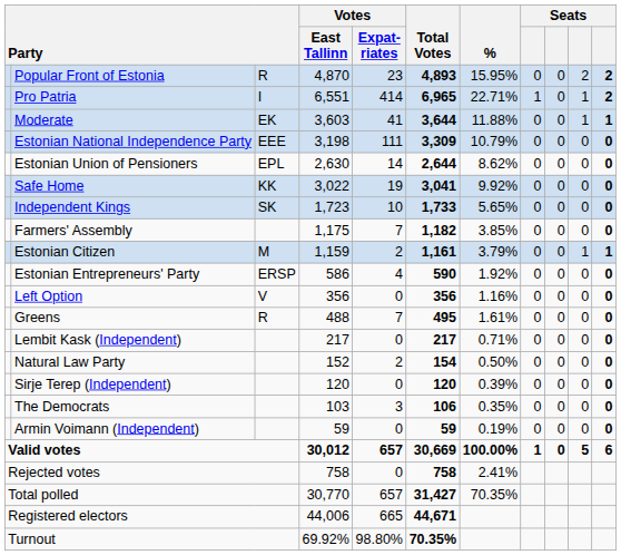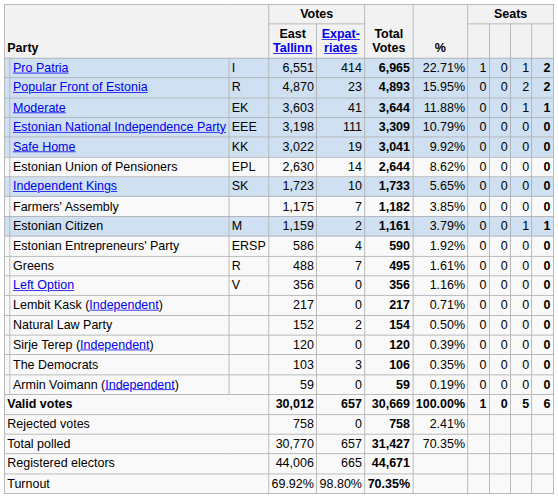 <table class="wikitable" border="1" style="text-align:right;">
 <tr>
 <th style="text-align:left;" valign=bottom rowspan=2 colspan=3>Party</th>
 <th colspan=2>Votes</th>
 <th align=center valign=bottom rowspan=2 width="50">Total Votes</th>
 <th align=center valign=bottom rowspan=2 width="50">%</th>
 <th colspan=4>Seats</th>
 </tr>
 <tr>
 <th align=center valign=bottom width="50">East <a href='#'>Tallinn</a></th>
 <th align=center valign=bottom width="50"><a href='#'>Expat- riates</a></th>
 <th align=center valign=bottom width="20"><small></small></th>
 <th align=center valign=bottom width="20"><small></small></th>
 <th align=center valign=bottom width="20"><small></small></th>
 <th align=center valign=bottom width="20"><small></small></th>
 </tr>
 <tr style="background:#CEE0F2;">
 <td style="background:"></td>
+<td align=left><a href='#'>Pro Patria</a></td>
+<td align=left>I</td>
+<td>6,551</td>
+<td>414</td>
+<td><strong>6,965</strong></td>
+<td>22.71%</td>
+<td>1</td>
+<td>0</td>
+<td>1</td>
+<td><strong>2</strong></td>
+</tr>
+<tr style="background:#CEE0F2;">
+<td style="background:"></td>
 <td align=left><a href='#'>Popular Front of Estonia</a></td>
 <td align=left>R</td>
 <td>4,870</td>
 <td>23</td>
 <td><strong>4,893</strong></td>
 <td>15.95%</td>
 <td>0</td>
 <td>0</td>
 <td>2</td>
-<td><strong>2</strong></td>
-</tr>
-<tr style="background:#CEE0F2;">
-<td style="background:"></td>
-<td align=left><a href='#'>Pro Patria</a></td>
-<td align=left>I</td>
-<td>6,551</td>
-<td>414</td>
-<td><strong>6,965</strong></td>
-<td>22.71%</td>
-<td>1</td>
-<td>0</td>
-<td>1</td>
 <td><strong>2</strong></td>
 </tr>
 <tr style="background:#CEE0F2;">
 <td style="background:"></td>
 <td align=left><a href='#'>Moderate</a></td>
 <td align=left>EK</td>
 <td>3,603</td>
 <td>41</td>
 <td><strong>3,644</strong></td>
 <td>11.88%</td>
 <td>0</td>
 <td>0</td>
 <td>1</td>
 <td><strong>1</strong></td>
 </tr>
 <tr style="background:#CEE0F2;">
 <td></td>
 <td align=left><a href='#'>Estonian National Independence Party</a></td>
 <td align=left>EEE</td>
 <td>3,198</td>
 <td>111</td>
 <td><strong>3,309</strong></td>
 <td>10.79%</td>
 <td>0</td>
 <td>0</td>
 <td>0</td>
 <td><strong>0</strong></td>
 </tr>
+<tr style="background:#CEE0F2;">
+<td style="background:"></td>
+<td align=left><a href='#'>Safe Home</a></td>
+<td align=left>KK</td>
+<td>3,022</td>
+<td>19</td>
+<td><strong>3,041</strong></td>
+<td>9.92%</td>
+<td>0</td>
+<td>0</td>
+<td>0</td>
+<td><strong>0</strong></td>
+</tr>
 <tr>
 <td></td>
 <td align=left>Estonian Union of Pensioners</td>
 <td align=left>EPL</td>
 <td>2,630</td>
 <td>14</td>
 <td><strong>2,644</strong></td>
 <td>8.62%</td>
-<td>0</td>
-<td>0</td>
-<td>0</td>
-<td><strong>0</strong></td>
-</tr>
-<tr style="background:#CEE0F2;">
-<td style="background:"></td>
-<td align=left><a href='#'>Safe Home</a></td>
-<td align=left>KK</td>
-<td>3,022</td>
-<td>19</td>
-<td><strong>3,041</strong></td>
-<td>9.92%</td>
 <td>0</td>
 <td>0</td>
 <td>0</td>
 <td><strong>0</strong></td>
 </tr>
 <tr style="background:#CEE0F2;">
 <td></td>
 <td align=left><a href='#'>Independent Kings</a></td>
 <td align=left>SK</td>
 <td>1,723</td>
 <td>10</td>
 <td><strong>1,733</strong></td>
 <td>5.65%</td>
 <td>0</td>
 <td>0</td>
 <td>0</td>
 <td><strong>0</strong></td>
 </tr>
 <tr>
 <td></td>
 <td align=left>Farmers' Assembly</td>
 <td></td>
 <td>1,175</td>
 <td>7</td>
 <td><strong>1,182</strong></td>
 <td>3.85%</td>
 <td>0</td>
 <td>0</td>
 <td>0</td>
 <td><strong>0</strong></td>
 </tr>
 <tr style="background:#CEE0F2;">
 <td></td>
 <td align=left>Estonian Citizen</td>
 <td align=left>M</td>
 <td>1,159</td>
 <td>2</td>
 <td><strong>1,161</strong></td>
 <td>3.79%</td>
 <td>0</td>
 <td>0</td>
 <td>1</td>
 <td><strong>1</strong></td>
 </tr>
 <tr>
 <td></td>
 <td align=left>Estonian Entrepreneurs' Party</td>
 <td align=left>ERSP</td>
 <td>586</td>
 <td>4</td>
 <td><strong>590</strong></td>
 <td>1.92%</td>
 <td>0</td>
 <td>0</td>
 <td>0</td>
 <td><strong>0</strong></td>
 </tr>
 <tr>
+<td></td>
+<td align=left>Greens</td>
+<td align=left>R</td>
+<td>488</td>
+<td>7</td>
+<td><strong>495</strong></td>
+<td>1.61%</td>
+<td>0</td>
+<td>0</td>
+<td>0</td>
+<td><strong>0</strong></td>
+</tr>
+<tr>
 <td style="background:"></td>
 <td align=left><a href='#'>Left Option</a></td>
 <td align=left>V</td>
 <td>356</td>
 <td>0</td>
 <td><strong>356</strong></td>
 <td>1.16%</td>
-<td>0</td>
-<td>0</td>
-<td>0</td>
-<td><strong>0</strong></td>
-</tr>
-<tr>
-<td></td>
-<td align=left>Greens</td>
-<td align=left>R</td>
-<td>488</td>
-<td>7</td>
-<td><strong>495</strong></td>
-<td>1.61%</td>
 <td>0</td>
 <td>0</td>
 <td>0</td>
 <td><strong>0</strong></td>
 </tr>
 <tr>
 <td style="background:"></td>
 <td align=left>Lembit Kask (<a href='#'>Independent</a>)</td>
 <td></td>
 <td>217</td>
 <td>0</td>
 <td><strong>217</strong></td>
 <td>0.71%</td>
 <td>0</td>
 <td>0</td>
 <td>0</td>
 <td><strong>0</strong></td>
 </tr>
 <tr>
 <td></td>
 <td align=left>Natural Law Party</td>
 <td></td>
 <td>152</td>
 <td>2</td>
 <td><strong>154</strong></td>
 <td>0.50%</td>
 <td>0</td>
 <td>0</td>
 <td>0</td>
 <td><strong>0</strong></td>
 </tr>
 <tr>
 <td style="background:"></td>
 <td align=left>Sirje Terep (<a href='#'>Independent</a>)</td>
 <td></td>
 <td>120</td>
 <td>0</td>
 <td><strong>120</strong></td>
 <td>0.39%</td>
 <td>0</td>
 <td>0</td>
 <td>0</td>
 <td><strong>0</strong></td>
 </tr>
 <tr>
 <td></td>
 <td align=left>The Democrats</td>
 <td></td>
 <td>103</td>
 <td>3</td>
 <td><strong>106</strong></td>
 <td>0.35%</td>
 <td>0</td>
 <td>0</td>
 <td>0</td>
 <td><strong>0</strong></td>
 </tr>
 <tr>
 <td style="background:"></td>
 <td align=left>Armin Voimann (<a href='#'>Independent</a>)</td>
 <td></td>
 <td>59</td>
 <td>0</td>
 <td><strong>59</strong></td>
 <td>0.19%</td>
 <td>0</td>
 <td>0</td>
 <td>0</td>
 <td><strong>0</strong></td>
 </tr>
 <tr style="font-weight:bold">
 <td align=left colspan=3>Valid votes</td>
 <td>30,012</td>
 <td>657</td>
 <td>30,669</td>
 <td>100.00%</td>
 <td>1</td>
 <td>0</td>
 <td>5</td>
 <td>6</td>
 </tr>
 <tr>
 <td align=left colspan=3>Rejected votes</td>
 <td>758</td>
 <td>0</td>
 <td><strong>758</strong></td>
 <td>2.41%</td>
 <td></td>
 <td></td>
 <td></td>
 <td></td>
 </tr>
 <tr>
 <td align=left colspan=3>Total polled</td>
 <td>30,770</td>
 <td>657</td>
 <td><strong>31,427</strong></td>
 <td>70.35%</td>
 <td></td>
 <td></td>
 <td></td>
 <td></td>
 </tr>
 <tr>
 <td align=left colspan=3>Registered electors</td>
 <td>44,006</td>
 <td>665</td>
 <td><strong>44,671</strong></td>
 <td></td>
 <td></td>
 <td></td>
 <td></td>
 <td></td>
 </tr>
 <tr>
 <td align=left colspan=3>Turnout</td>
 <td>69.92%</td>
 <td>98.80%</td>
 <td><strong>70.35%</strong></td>
 <td></td>
 <td></td>
 <td></td>
 <td></td>
 <td></td>
 </tr>
 </table>
